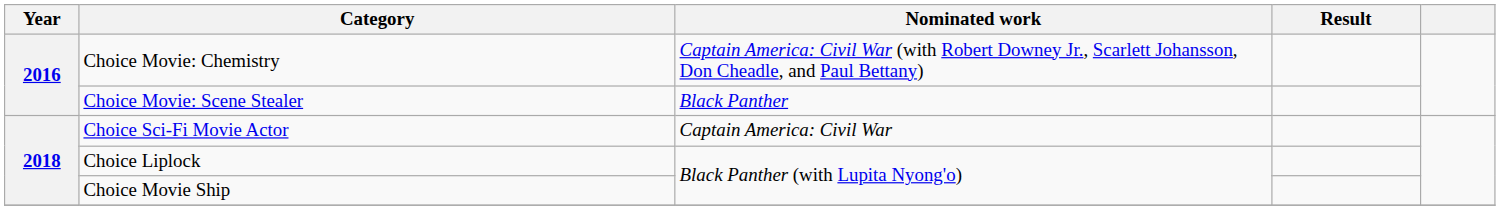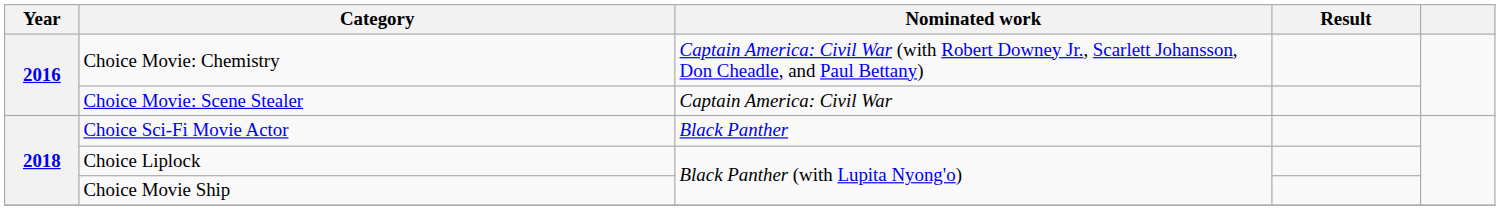 <table class="wikitable plainrowheaders" style="width:100%;">
 <tr>
 <th scope="col" style="width:5%;">Year</th>
 <th scope="col" style="width:40%;">Category</th>
 <th scope="col" style="width:40%;">Nominated work</th>
 <th scope="col" style="width:10%;">Result</th>
 <th scope="col" style="width:5%;"></th>
 </tr>
 <tr>
 <th scope="row" style="text-align:center;" rowspan="2"><a href='#'>2016</a></th>
 <td>Choice Movie: Chemistry</td>
 <td><em><a href='#'>Captain America: Civil War</a></em> (with <a href='#'>Robert Downey Jr.</a>, <a href='#'>Scarlett Johansson</a>, <a href='#'>Don Cheadle</a>, and <a href='#'>Paul Bettany</a>)</td>
 <td></td>
 <td rowspan="2" style="text-align:center;"></td>
 </tr>
 <tr>
 <td><a href='#'>Choice Movie: Scene Stealer</a></td>
-<td><em><a href='#'>Black Panther</a></em></td>
+<td><em>Captain America: Civil War</em></td>
 <td></td>
 </tr>
 <tr>
 <th scope="row" style="text-align:center;" rowspan="3"><a href='#'>2018</a></th>
 <td><a href='#'>Choice Sci-Fi Movie Actor</a></td>
-<td><em>Captain America: Civil War</em></td>
+<td><em><a href='#'>Black Panther</a></em></td>
 <td></td>
 <td rowspan="3" style="text-align:center;"></td>
 </tr>
 <tr>
 <td>Choice Liplock</td>
 <td rowspan="2"><em>Black Panther</em> (with <a href='#'>Lupita Nyong'o</a>)</td>
 <td></td>
 </tr>
 <tr>
 <td>Choice Movie Ship</td>
 <td></td>
 </tr>
 <tr>
 </tr>
 </table>
